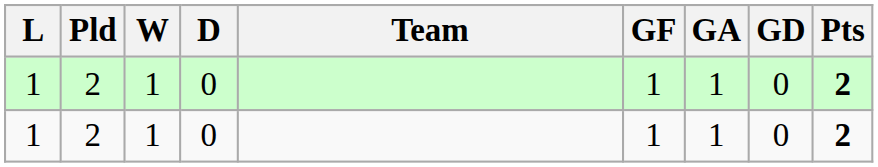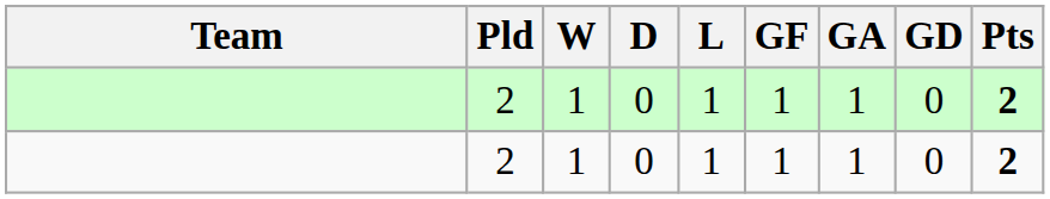 <table class="wikitable" style="text-align:center;">
 <tr>
-<th width=20>L</th>
+<th width=180>Team</th>
 <th width=20>Pld</th>
 <th width=20>W</th>
 <th width=20>D</th>
-<th width=180>Team</th>
+<th width=20>L</th>
 <th width=20>GF</th>
 <th width=20>GA</th>
 <th width=20>GD</th>
 <th width=20>Pts</th>
 </tr>
 <tr bgcolor="ccffcc">
-<td>1</td>
+<td align="left"></td>
 <td>2</td>
 <td>1</td>
 <td>0</td>
-<td align="left"></td>
+<td>1</td>
 <td>1</td>
 <td>1</td>
 <td>0</td>
 <td><strong>2</strong></td>
 </tr>
 <tr>
-<td>1</td>
+<td align="left"></td>
 <td>2</td>
 <td>1</td>
 <td>0</td>
-<td align="left"></td>
+<td>1</td>
 <td>1</td>
 <td>1</td>
 <td>0</td>
 <td><strong>2</strong></td>
 </tr>
 </table>
